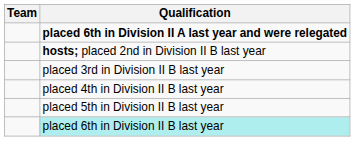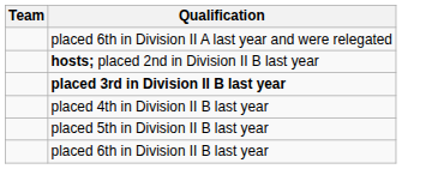 <table class="wikitable">
 <tr>
 <th>Team</th>
 <th>Qualification</th>
 </tr>
 <tr>
 <td></td>
-<td><strong>placed 6th in Division II A last year and were relegated</strong></td>
+<td>placed 6th in Division II A last year and were relegated</td>
 </tr>
 <tr>
 <td></td>
 <td><strong>hosts;</strong> placed 2nd in Division II B last year</td>
 </tr>
 <tr>
 <td></td>
-<td>placed 3rd in Division II B last year</td>
+<td><strong>placed 3rd in Division II B last year</strong></td>
 </tr>
 <tr>
 <td></td>
 <td>placed 4th in Division II B last year</td>
 </tr>
 <tr>
 <td></td>
 <td>placed 5th in Division II B last year</td>
 </tr>
 <tr>
 <td></td>
-<td style="background: paleturquoise;">placed 6th in Division II B last year</td>
+<td>placed 6th in Division II B last year</td>
 </tr>
 </table>
